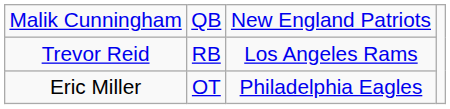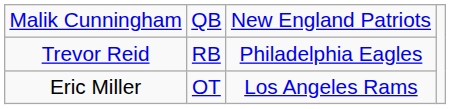 <table class="wikitable" style="text-align:center">
 <tr>
 <td><a href='#'>Malik Cunningham</a></td>
 <td><a href='#'>QB</a></td>
 <td><a href='#'>New England Patriots</a></td>
 <td rowspan=3></td>
 </tr>
 <tr>
 <td><a href='#'>Trevor Reid</a></td>
 <td><a href='#'>RB</a></td>
-<td><a href='#'>Los Angeles Rams</a></td>
+<td><a href='#'>Philadelphia Eagles</a></td>
 </tr>
 <tr>
 <td>Eric Miller</td>
 <td><a href='#'>OT</a></td>
-<td><a href='#'>Philadelphia Eagles</a></td>
+<td><a href='#'>Los Angeles Rams</a></td>
 </tr>
 </table>
